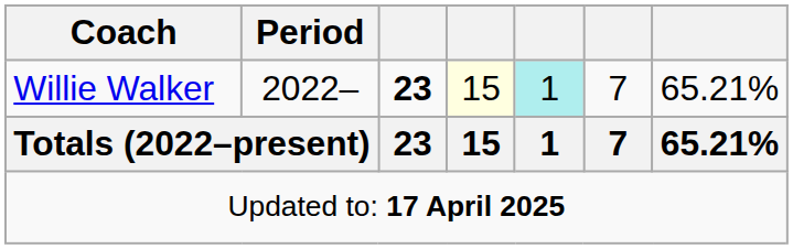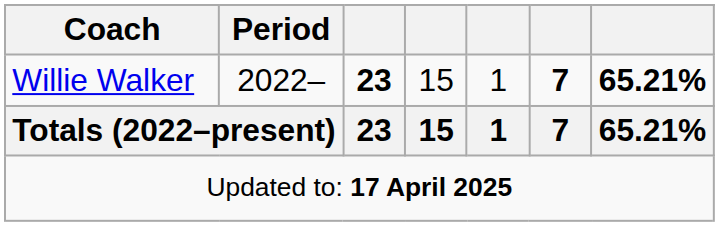 <table class="wikitable" style="text-align: center;">
 <tr>
 <th>Coach</th>
 <th>Period</th>
 <th style="width:1.5em;"></th>
 <th style="width:1.5em;"></th>
 <th style="width:1.5em;"></th>
 <th style="width:1.5em;"></th>
 <th></th>
 </tr>
 <tr>
 <td align="left"> <a href='#'>Willie Walker</a></td>
 <td>2022–</td>
 <td><strong>23</strong></td>
-<td style="background: lightyellow;">15</td>
-<td style="background: paleturquoise;">1</td>
-<td>7</td>
-<td>65.21%</td>
+<td>15</td>
+<td>1</td>
+<td><strong>7</strong></td>
+<td><strong>65.21%</strong></td>
 </tr>
 <tr>
 <th colspan="2">Totals (2022–present)</th>
 <th>23</th>
 <th>15</th>
 <th>1</th>
 <th>7</th>
 <th>65.21%</th>
 </tr>
 <tr>
 <td colspan=7 style="border-bottom:1px transparent; line-height:150%;"><small>Updated to: <strong>17 April 2025</strong></small></td>
 </tr>
 </table>
